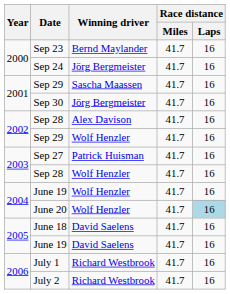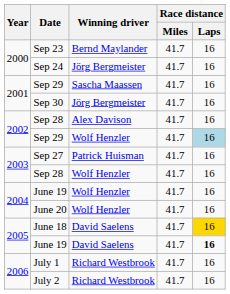 <table class="wikitable" style="font-size: 95%;">
 <tr>
 <th rowspan="2">Year</th>
 <th rowspan="2">Date</th>
 <th rowspan="2">Winning driver</th>
 <th colspan="2">Race distance</th>
 </tr>
 <tr>
 <th>Miles</th>
 <th>Laps</th>
 </tr>
 <tr>
 <td rowspan=2>2000</td>
 <td>Sep 23</td>
 <td> <a href='#'>Bernd Maylander</a></td>
 <td style="text-align:center">41.7</td>
 <td style="text-align:center">16</td>
 </tr>
 <tr>
 <td>Sep 24</td>
 <td> <a href='#'>Jörg Bergmeister</a></td>
 <td style="text-align:center">41.7</td>
 <td style="text-align:center">16</td>
 </tr>
 <tr>
 <td rowspan=2>2001</td>
 <td>Sep 29</td>
 <td> <a href='#'>Sascha Maassen</a></td>
 <td style="text-align:center">41.7</td>
 <td style="text-align:center">16</td>
 </tr>
 <tr>
 <td>Sep 30</td>
 <td> <a href='#'>Jörg Bergmeister</a></td>
 <td style="text-align:center">41.7</td>
 <td style="text-align:center">16</td>
 </tr>
 <tr>
 <td rowspan=2><a href='#'>2002</a></td>
 <td>Sep 28</td>
 <td> <a href='#'>Alex Davison</a></td>
 <td style="text-align:center">41.7</td>
 <td style="text-align:center">16</td>
 </tr>
 <tr>
 <td>Sep 29</td>
 <td> <a href='#'>Wolf Henzler</a></td>
 <td style="text-align:center">41.7</td>
-<td style="text-align:center">16</td>
+<td style="background: lightblue; text-align:center">16</td>
 </tr>
 <tr>
 <td rowspan=2><a href='#'>2003</a></td>
 <td>Sep 27</td>
 <td> <a href='#'>Patrick Huisman</a></td>
 <td style="text-align:center">41.7</td>
 <td style="text-align:center">16</td>
 </tr>
 <tr>
 <td>Sep 28</td>
 <td> <a href='#'>Wolf Henzler</a></td>
 <td style="text-align:center">41.7</td>
 <td style="text-align:center">16</td>
 </tr>
 <tr>
 <td rowspan=2><a href='#'>2004</a></td>
 <td>June 19</td>
 <td> <a href='#'>Wolf Henzler</a></td>
 <td style="text-align:center">41.7</td>
 <td style="text-align:center">16</td>
 </tr>
 <tr>
 <td>June 20</td>
 <td> <a href='#'>Wolf Henzler</a></td>
 <td style="text-align:center">41.7</td>
-<td style="background: lightblue; text-align:center">16</td>
+<td style="text-align:center">16</td>
 </tr>
 <tr>
 <td rowspan=2><a href='#'>2005</a></td>
 <td>June 18</td>
 <td> <a href='#'>David Saelens</a></td>
 <td style="text-align:center">41.7</td>
-<td style="text-align:center">16</td>
+<td style="background: gold; text-align:center">16</td>
 </tr>
 <tr>
 <td>June 19</td>
 <td> <a href='#'>David Saelens</a></td>
 <td style="text-align:center">41.7</td>
-<td style="text-align:center">16</td>
+<td style="text-align:center"><strong>16</strong></td>
 </tr>
 <tr>
 <td rowspan=2><a href='#'>2006</a></td>
 <td>July 1</td>
 <td> <a href='#'>Richard Westbrook</a></td>
 <td style="text-align:center">41.7</td>
 <td style="text-align:center">16</td>
 </tr>
 <tr>
 <td>July 2</td>
 <td> <a href='#'>Richard Westbrook</a></td>
 <td style="text-align:center">41.7</td>
 <td style="text-align:center">16</td>
 </tr>
 </table>
